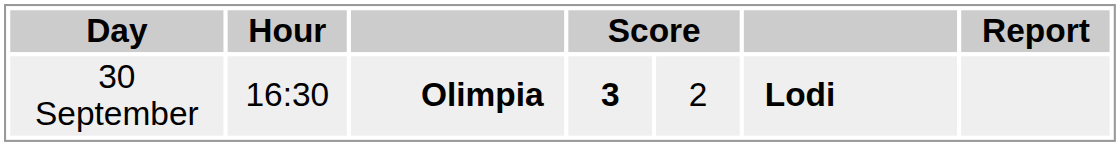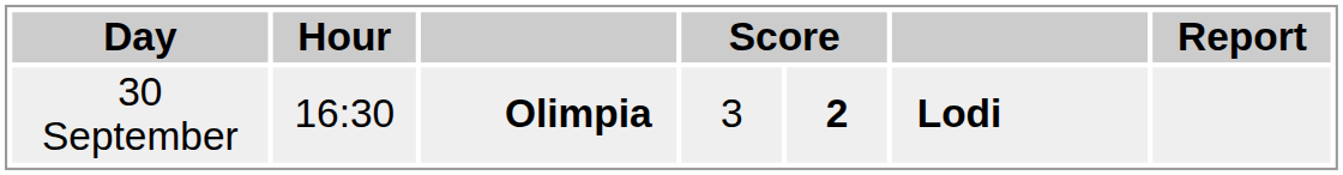 <table border="0" style="border: 1px solid #999; background-color:#FFFFFF">
 <tr align="center" bgcolor="#CCCCCC">
 <th width="100">  Day  </th>
 <th width="50">  Hour  </th>
 <th width="100"></th>
 <th colspan="2" width="80">Score</th>
 <th width="100"></th>
 <th>  Report  </th>
 </tr>
 <tr align="center" bgcolor="#EFEFEF">
 <td>30 September</td>
 <td>16:30</td>
 <td align="right"><strong>Olimpia</strong>  </td>
-<td><strong>3</strong></td>
-<td>2</td>
+<td>3</td>
+<td><strong>2</strong></td>
 <td align="left"><strong>  Lodi</strong></td>
 <td></td>
 </tr>
 </table>
